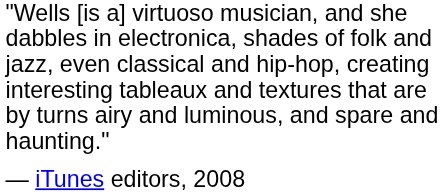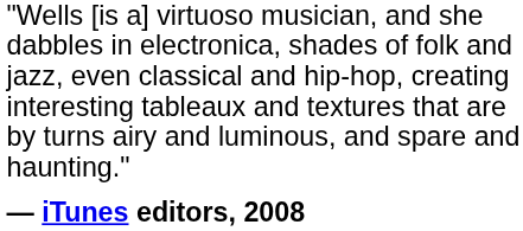 <table class="toccolours" style="float:right; margin-left:2em; margin-right:0; font-size:85%; background:offwhite; color:black; width:20em; max-width:40%;" cellspacing="5">
 <tr>
 <td style="text-align: left;">"Wells [is a] virtuoso musician, and she dabbles in electronica, shades of folk and jazz, even classical and hip-hop, creating interesting tableaux and textures that are by turns airy and luminous, and spare and haunting."</td>
 </tr>
 <tr>
-<td style="text-align: left;">— <a href='#'>iTunes</a> editors, 2008</td>
+<td style="text-align: left;"><strong>— <a href='#'>iTunes</a> editors, 2008</strong></td>
 </tr>
 </table>
